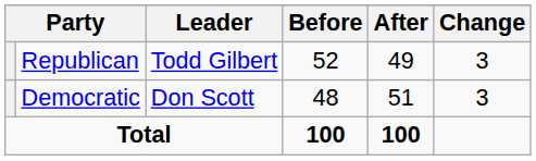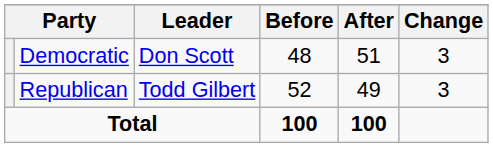 <table class="wikitable" style="text-align:center;">
 <tr>
 </tr>
 <tr>
 <th colspan=2>Party</th>
 <th>Leader</th>
 <th>Before</th>
 <th>After</th>
 <th>Change</th>
 </tr>
 <tr>
 <th style="background-color:"></th>
+<td style="text-align:left;"><a href='#'>Democratic</a></td>
+<td style="text-align:left;"><a href='#'>Don Scott</a></td>
+<td>48</td>
+<td>51</td>
+<td> 3</td>
+</tr>
+<tr>
+<th style="background-color:"></th>
 <td style="text-align:left;"><a href='#'>Republican</a></td>
 <td style="text-align:left;"><a href='#'>Todd Gilbert</a></td>
 <td>52</td>
 <td>49</td>
-<td> 3</td>
-</tr>
-<tr>
-<th style="background-color:"></th>
-<td style="text-align:left;"><a href='#'>Democratic</a></td>
-<td style="text-align:left;"><a href='#'>Don Scott</a></td>
-<td>48</td>
-<td>51</td>
 <td> 3</td>
 </tr>
 <tr>
 <td colspan=3><strong>Total</strong></td>
 <td><strong>100</strong></td>
 <td><strong>100</strong></td>
 </tr>
 </table>
